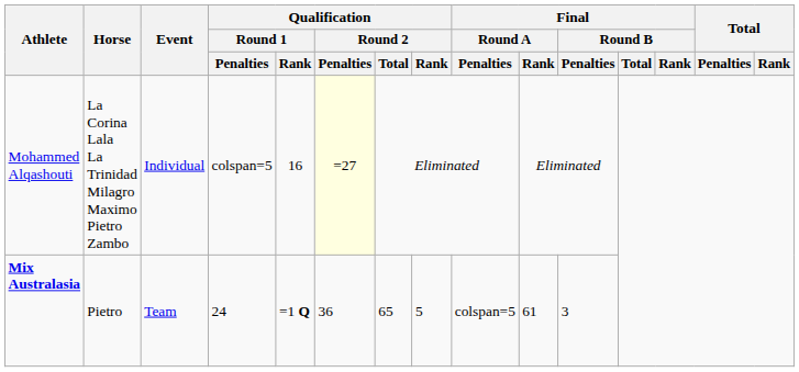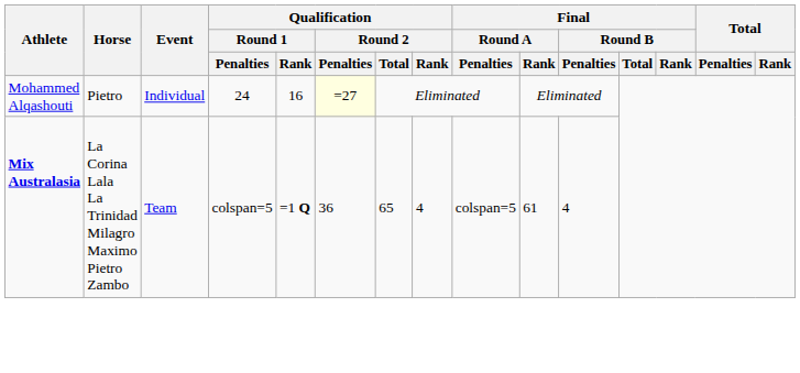 <table class="wikitable" style="font-size:90%">
 <tr>
 <th rowspan="3">Athlete</th>
 <th rowspan="3">Horse</th>
 <th rowspan="3">Event</th>
 <th colspan="5">Qualification</th>
 <th colspan="5">Final</th>
 <th rowspan=2 colspan="2">Total</th>
 </tr>
 <tr style="font-size:95%">
 <th colspan="2">Round 1</th>
 <th colspan="3">Round 2</th>
 <th colspan="2">Round A</th>
 <th colspan="3">Round B</th>
 </tr>
 <tr style="font-size:95%">
 <th>Penalties</th>
 <th>Rank</th>
 <th>Penalties</th>
 <th>Total</th>
 <th>Rank</th>
 <th>Penalties</th>
 <th>Rank</th>
 <th>Penalties</th>
 <th>Total</th>
 <th>Rank</th>
 <th>Penalties</th>
 <th>Rank</th>
 </tr>
 <tr align=center>
 <td align=left><a href='#'>Mohammed Alqashouti</a></td>
-<td align=left><br>La Corina Lala<br>La Trinidad<br>Milagro Maximo<br>Pietro<br>Zambo</td>
+<td align=left>Pietro</td>
 <td align=left rowspan=1><a href='#'>Individual</a></td>
-<td>colspan=5 </td>
+<td>24</td>
 <td>16</td>
 <td style="background: lightyellow;">=27</td>
 <td Colspan=3><em>Eliminated</em></td>
 <td Colspan=2><em>Eliminated</em></td>
 </tr>
 <tr align=left>
 <td rowspan=5><strong><a href='#'>Mix Australasia</a></strong><br><br><br><br><br></td>
-<td align=left>Pietro</td>
+<td align=left><br>La Corina Lala<br>La Trinidad<br>Milagro Maximo<br>Pietro<br>Zambo</td>
 <td align=left><a href='#'>Team</a></td>
-<td>24</td>
+<td>colspan=5 </td>
 <td>=1 <strong>Q</strong></td>
 <td>36</td>
 <td>65</td>
-<td>5</td>
+<td>4</td>
 <td>colspan=5 </td>
 <td>61</td>
-<td>3</td>
+<td>4</td>
 </tr>
 </table>
